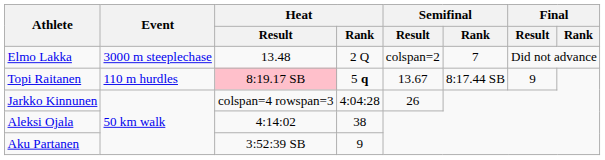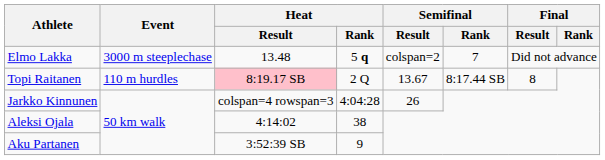 <table class="wikitable" style="font-size:90%">
 <tr>
 <th rowspan="2">Athlete</th>
 <th rowspan="2">Event</th>
 <th colspan="2">Heat</th>
 <th colspan="2">Semifinal</th>
 <th colspan="2">Final</th>
 </tr>
 <tr style="font-size:95%">
 <th>Result</th>
 <th>Rank</th>
 <th>Result</th>
 <th>Rank</th>
 <th>Result</th>
 <th>Rank</th>
 </tr>
 <tr align=center>
 <td align=left><a href='#'>Elmo Lakka</a></td>
 <td align=left><a href='#'>3000 m steeplechase</a></td>
 <td>13.48</td>
-<td>2 </strong>Q<strong></td>
+<td>5 <strong>q<em></td>
 <td>colspan=2 </td>
 <td>7</td>
 <td colspan="2">Did not advance</td>
 </tr>
 <tr align=center>
 <td align=left><a href='#'>Topi Raitanen</a></td>
 <td align=left><a href='#'>110 m hurdles</a></td>
 <td style="background: pink;">8:19.17 </strong>SB<strong></td>
-<td>5 <strong>q<em></td>
+<td>2 </strong>Q<strong></td>
 <td>13.67</td>
 <td>8:17.44 </strong>SB<strong></td>
-<td>9</td>
+<td>8</td>
 </tr>
 <tr align=center>
 <td align=left><a href='#'>Jarkko Kinnunen</a></td>
 <td align=left rowspan=3><a href='#'>50 km walk</a></td>
 <td>colspan=4 rowspan=3 </td>
 <td>4:04:28</td>
 <td>26</td>
 </tr>
 <tr align=center>
 <td align=left><a href='#'>Aleksi Ojala</a></td>
 <td>4:14:02</td>
 <td>38</td>
 </tr>
 <tr align=center>
 <td align=left><a href='#'>Aku Partanen</a></td>
 <td>3:52:39 </strong>SB<strong></td>
 <td>9</td>
 </tr>
 </table>
